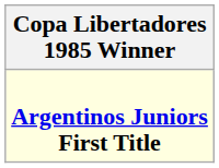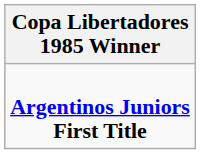 <table class="wikitable" style="text-align: center; margin: 0 auto;">
 <tr>
 <th>Copa Libertadores<br>1985 Winner</th>
 </tr>
 <tr>
-<td style="background: lightyellow;"><br><strong><a href='#'>Argentinos Juniors</a></strong><br><strong>First Title</strong></td>
+<td><br><strong><a href='#'>Argentinos Juniors</a></strong><br><strong>First Title</strong></td>
 </tr>
 </table>
